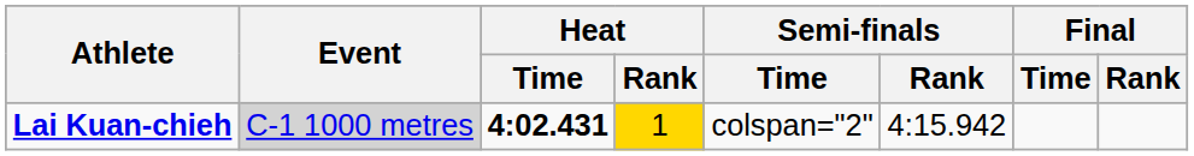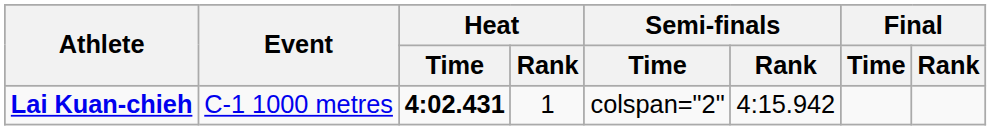 <table class="wikitable" style="font-size:90%; text-align:center">
 <tr>
 <th rowspan="2">Athlete</th>
 <th rowspan="2">Event</th>
 <th colspan="2">Heat</th>
 <th colspan="2">Semi-finals</th>
 <th colspan="2">Final</th>
 </tr>
 <tr>
 <th>Time</th>
 <th>Rank</th>
 <th>Time</th>
 <th>Rank</th>
 <th>Time</th>
 <th>Rank</th>
 </tr>
 <tr>
 <td align="left"><strong><a href='#'>Lai Kuan-chieh</a></strong></td>
-<td align="left" style="background: lightgrey;"><a href='#'>C-1 1000 metres</a></td>
+<td align="left"><a href='#'>C-1 1000 metres</a></td>
 <td><strong>4:02.431</strong></td>
-<td style="background: gold;">1</td>
+<td>1</td>
 <td>colspan="2" </td>
 <td>4:15.942</td>
 <td></td>
 </tr>
 </table>
